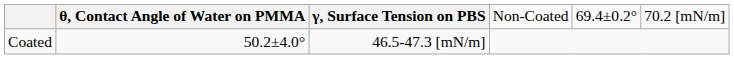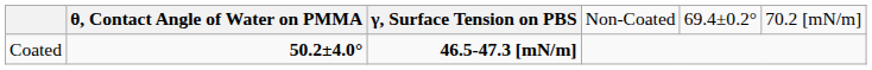 <table class="wikitable sortable" style="margin:0; text-align: right;">
 <tr>
 <th></th>
 <th>θ, Contact Angle of Water on PMMA</th>
 <th>γ, Surface Tension on PBS</th>
 <td>Non-Coated</td>
 <td>69.4±0.2°</td>
 <td>70.2 [mN/m]</td>
 </tr>
 <tr>
 <td>Coated</td>
-<td>50.2±4.0°</td>
-<td>46.5-47.3 [mN/m]</td>
+<td><strong>50.2±4.0°</strong></td>
+<td><strong>46.5-47.3 [mN/m]</strong></td>
 </tr>
 </table>
